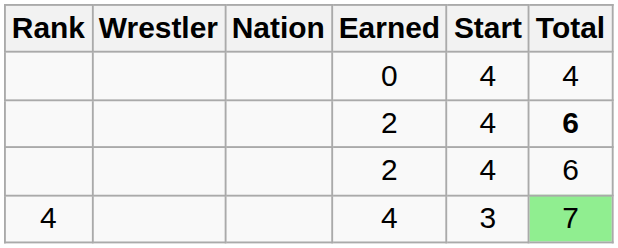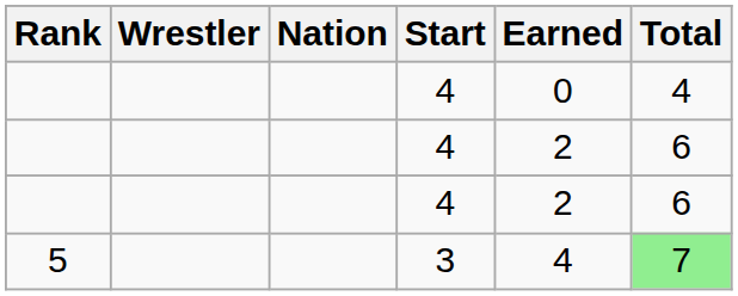 <table class="wikitable sortable" style="text-align:center;">
 <tr>
 <th>Rank</th>
 <th>Wrestler</th>
 <th>Nation</th>
+<th>Start</th>
 <th>Earned</th>
-<th>Start</th>
 <th>Total</th>
 </tr>
 <tr>
 <td></td>
 <td align=left></td>
 <td align=left></td>
+<td>4</td>
 <td>0</td>
-<td>4</td>
 <td>4</td>
 </tr>
 <tr>
 <td></td>
 <td align=left></td>
 <td align=left></td>
+<td>4</td>
 <td>2</td>
-<td>4</td>
-<td><strong>6</strong></td>
+<td>6</td>
 </tr>
 <tr>
 <td></td>
 <td align=left></td>
 <td align=left></td>
+<td>4</td>
 <td>2</td>
-<td>4</td>
 <td>6</td>
 </tr>
 <tr>
-<td>4</td>
+<td>5</td>
 <td align=left></td>
 <td align=left></td>
+<td>3</td>
 <td>4</td>
-<td>3</td>
 <td style="background: lightgreen;">7</td>
 </tr>
 </table>
